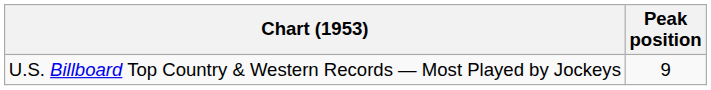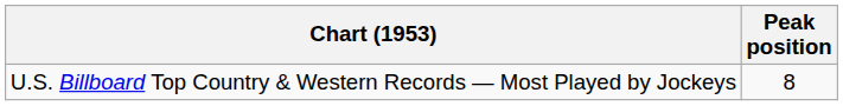 <table class="wikitable sortable">
 <tr>
 <th align="center">Chart (1953)</th>
 <th align="center">Peak<br>position</th>
 </tr>
 <tr>
 <td>U.S. <em><a href='#'>Billboard</a></em> Top Country & Western Records — Most Played by Jockeys</td>
-<td align="center">9</td>
+<td align="center">8</td>
 </tr>
 </table>
